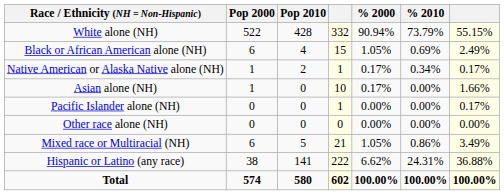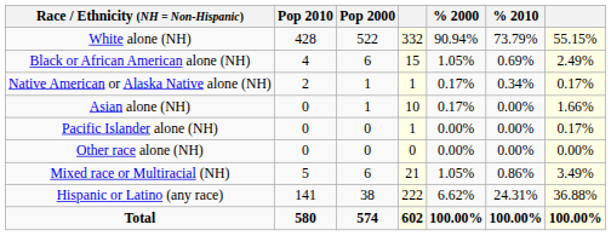 <table class="wikitable" style="text-align:center;">
 <tr>
 <th>Race / Ethnicity <small>(<em>NH = Non-Hispanic</em>)</small></th>
+<th>Pop 2010</th>
 <th>Pop 2000</th>
-<th>Pop 2010</th>
 <th></th>
 <th>% 2000</th>
 <th>% 2010</th>
 <th></th>
 </tr>
 <tr>
 <td><a href='#'>White</a> alone (NH)</td>
+<td>428</td>
 <td>522</td>
-<td>428</td>
 <td style='background: #ffffe6;'>332</td>
 <td>90.94%</td>
 <td>73.79%</td>
 <td style='background: #ffffe6;'>55.15%</td>
 </tr>
 <tr>
 <td><a href='#'>Black or African American</a> alone (NH)</td>
+<td>4</td>
 <td>6</td>
-<td>4</td>
 <td style='background: #ffffe6;'>15</td>
 <td>1.05%</td>
 <td>0.69%</td>
 <td style='background: #ffffe6;'>2.49%</td>
 </tr>
 <tr>
 <td><a href='#'>Native American</a> or <a href='#'>Alaska Native</a> alone (NH)</td>
+<td>2</td>
 <td>1</td>
-<td>2</td>
 <td style='background: #ffffe6;'>1</td>
 <td>0.17%</td>
 <td>0.34%</td>
 <td style='background: #ffffe6;'>0.17%</td>
 </tr>
 <tr>
 <td><a href='#'>Asian</a> alone (NH)</td>
+<td>0</td>
 <td>1</td>
-<td>0</td>
 <td style='background: #ffffe6;'>10</td>
 <td>0.17%</td>
 <td>0.00%</td>
 <td style='background: #ffffe6;'>1.66%</td>
 </tr>
 <tr>
 <td><a href='#'>Pacific Islander</a> alone (NH)</td>
 <td>0</td>
 <td>0</td>
 <td style='background: #ffffe6;'>1</td>
 <td>0.00%</td>
 <td>0.00%</td>
 <td style='background: #ffffe6;'>0.17%</td>
 </tr>
 <tr>
 <td><a href='#'>Other race</a> alone (NH)</td>
 <td>0</td>
 <td>0</td>
 <td style='background: #ffffe6;'>0</td>
 <td>0.00%</td>
 <td>0.00%</td>
 <td style='background: #ffffe6;'>0.00%</td>
 </tr>
 <tr>
 <td><a href='#'>Mixed race or Multiracial</a> (NH)</td>
+<td>5</td>
 <td>6</td>
-<td>5</td>
 <td style='background: #ffffe6;'>21</td>
 <td>1.05%</td>
 <td>0.86%</td>
 <td style='background: #ffffe6;'>3.49%</td>
 </tr>
 <tr>
 <td><a href='#'>Hispanic or Latino</a> (any race)</td>
+<td>141</td>
 <td>38</td>
-<td>141</td>
 <td style='background: #ffffe6;'>222</td>
 <td>6.62%</td>
 <td>24.31%</td>
 <td style='background: #ffffe6;'>36.88%</td>
 </tr>
 <tr>
 <td><strong>Total</strong></td>
+<td><strong>580</strong></td>
 <td><strong>574</strong></td>
-<td><strong>580</strong></td>
 <td style='background: #ffffe6;'><strong>602</strong></td>
 <td><strong>100.00%</strong></td>
 <td><strong>100.00%</strong></td>
 <td style='background: #ffffe6;'><strong>100.00%</strong></td>
 </tr>
 </table>
